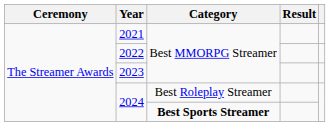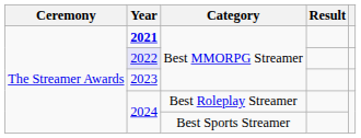 <table class="wikitable" style="text-align:center;">
 <tr>
 <th>Ceremony</th>
 <th>Year</th>
 <th>Category</th>
 <th>Result</th>
 <th></th>
 </tr>
 <tr>
 <td rowspan="5"><a href='#'>The Streamer Awards</a></td>
-<td><a href='#'>2021</a></td>
+<td><strong><a href='#'>2021</a></strong></td>
 <td rowspan="3">Best <a href='#'>MMORPG</a> Streamer</td>
 <td></td>
 <td></td>
 </tr>
 <tr>
-<td><a href='#'>2022</a></td>
+<td style="background: lavender;"><a href='#'>2022</a></td>
 <td></td>
 <td></td>
 </tr>
 <tr>
 <td><a href='#'>2023</a></td>
 <td></td>
 <td></td>
 </tr>
 <tr>
 <td rowspan="2"><a href='#'>2024</a></td>
 <td>Best <a href='#'>Roleplay</a> Streamer</td>
 <td></td>
 <td rowspan="2"></td>
 </tr>
 <tr>
-<td><strong>Best Sports Streamer</strong></td>
+<td>Best Sports Streamer</td>
 <td></td>
 </tr>
 </table>
